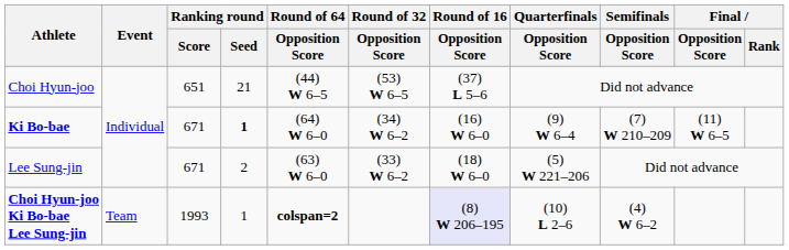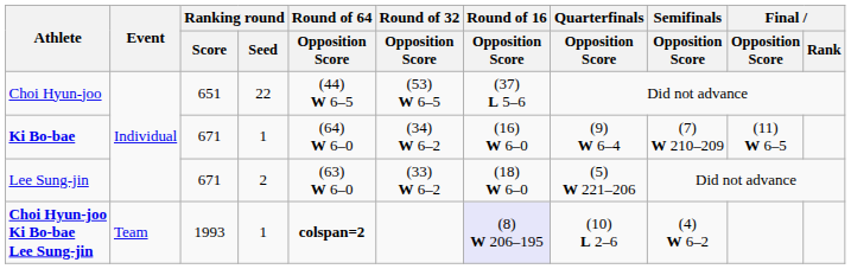 <table class="wikitable" style="font-size:90%">
 <tr>
 <th rowspan=2>Athlete</th>
 <th rowspan=2>Event</th>
 <th colspan="2">Ranking round</th>
 <th>Round of 64</th>
 <th>Round of 32</th>
 <th>Round of 16</th>
 <th>Quarterfinals</th>
 <th>Semifinals</th>
 <th colspan="2">Final / </th>
 </tr>
 <tr style="font-size:95%">
 <th>Score</th>
 <th>Seed</th>
 <th>Opposition<br>Score</th>
 <th>Opposition<br>Score</th>
 <th>Opposition<br>Score</th>
 <th>Opposition<br>Score</th>
 <th>Opposition<br>Score</th>
 <th>Opposition<br>Score</th>
 <th>Rank</th>
 </tr>
 <tr align=center>
 <td align=left><a href='#'>Choi Hyun-joo</a></td>
 <td align=left rowspan=3><a href='#'>Individual</a></td>
 <td>651</td>
-<td>21</td>
+<td>22</td>
 <td> (44)<br><strong>W</strong> 6–5</td>
 <td> (53)<br><strong>W</strong> 6–5</td>
 <td> (37)<br><strong>L</strong> 5–6</td>
 <td colspan=4>Did not advance</td>
 </tr>
 <tr align=center>
 <td align=left><strong><a href='#'>Ki Bo-bae</a></strong></td>
 <td>671</td>
-<td><strong>1</strong></td>
+<td>1</td>
 <td> (64)<br><strong>W</strong> 6–0</td>
 <td> (34)<br><strong>W</strong> 6–2</td>
 <td> (16)<br><strong>W</strong> 6–0</td>
 <td> (9)<br><strong>W</strong> 6–4</td>
 <td> (7)<br><strong>W</strong> 210–209</td>
 <td> (11)<br><strong>W</strong> 6–5</td>
 <td></td>
 </tr>
 <tr align=center>
 <td align=left><a href='#'>Lee Sung-jin</a></td>
 <td>671</td>
 <td>2</td>
 <td> (63)<br><strong>W</strong> 6–0</td>
 <td> (33)<br><strong>W</strong> 6–2</td>
 <td> (18)<br><strong>W</strong> 6–0</td>
 <td> (5)<br><strong>W</strong> 221–206</td>
 <td colspan=3>Did not advance</td>
 </tr>
 <tr align=center>
 <td align=left><strong><a href='#'>Choi Hyun-joo</a><br><a href='#'>Ki Bo-bae</a><br><a href='#'>Lee Sung-jin</a></strong></td>
 <td align=left><a href='#'>Team</a></td>
 <td>1993</td>
 <td>1</td>
 <td><strong>colspan=2 </strong></td>
 <td></td>
 <td style="background: lavender;"> (8)<br><strong>W</strong> 206–195</td>
 <td> (10)<br><strong>L</strong> 2–6</td>
 <td> (4)<br><strong>W</strong> 6–2</td>
 <td></td>
 </tr>
 </table>
